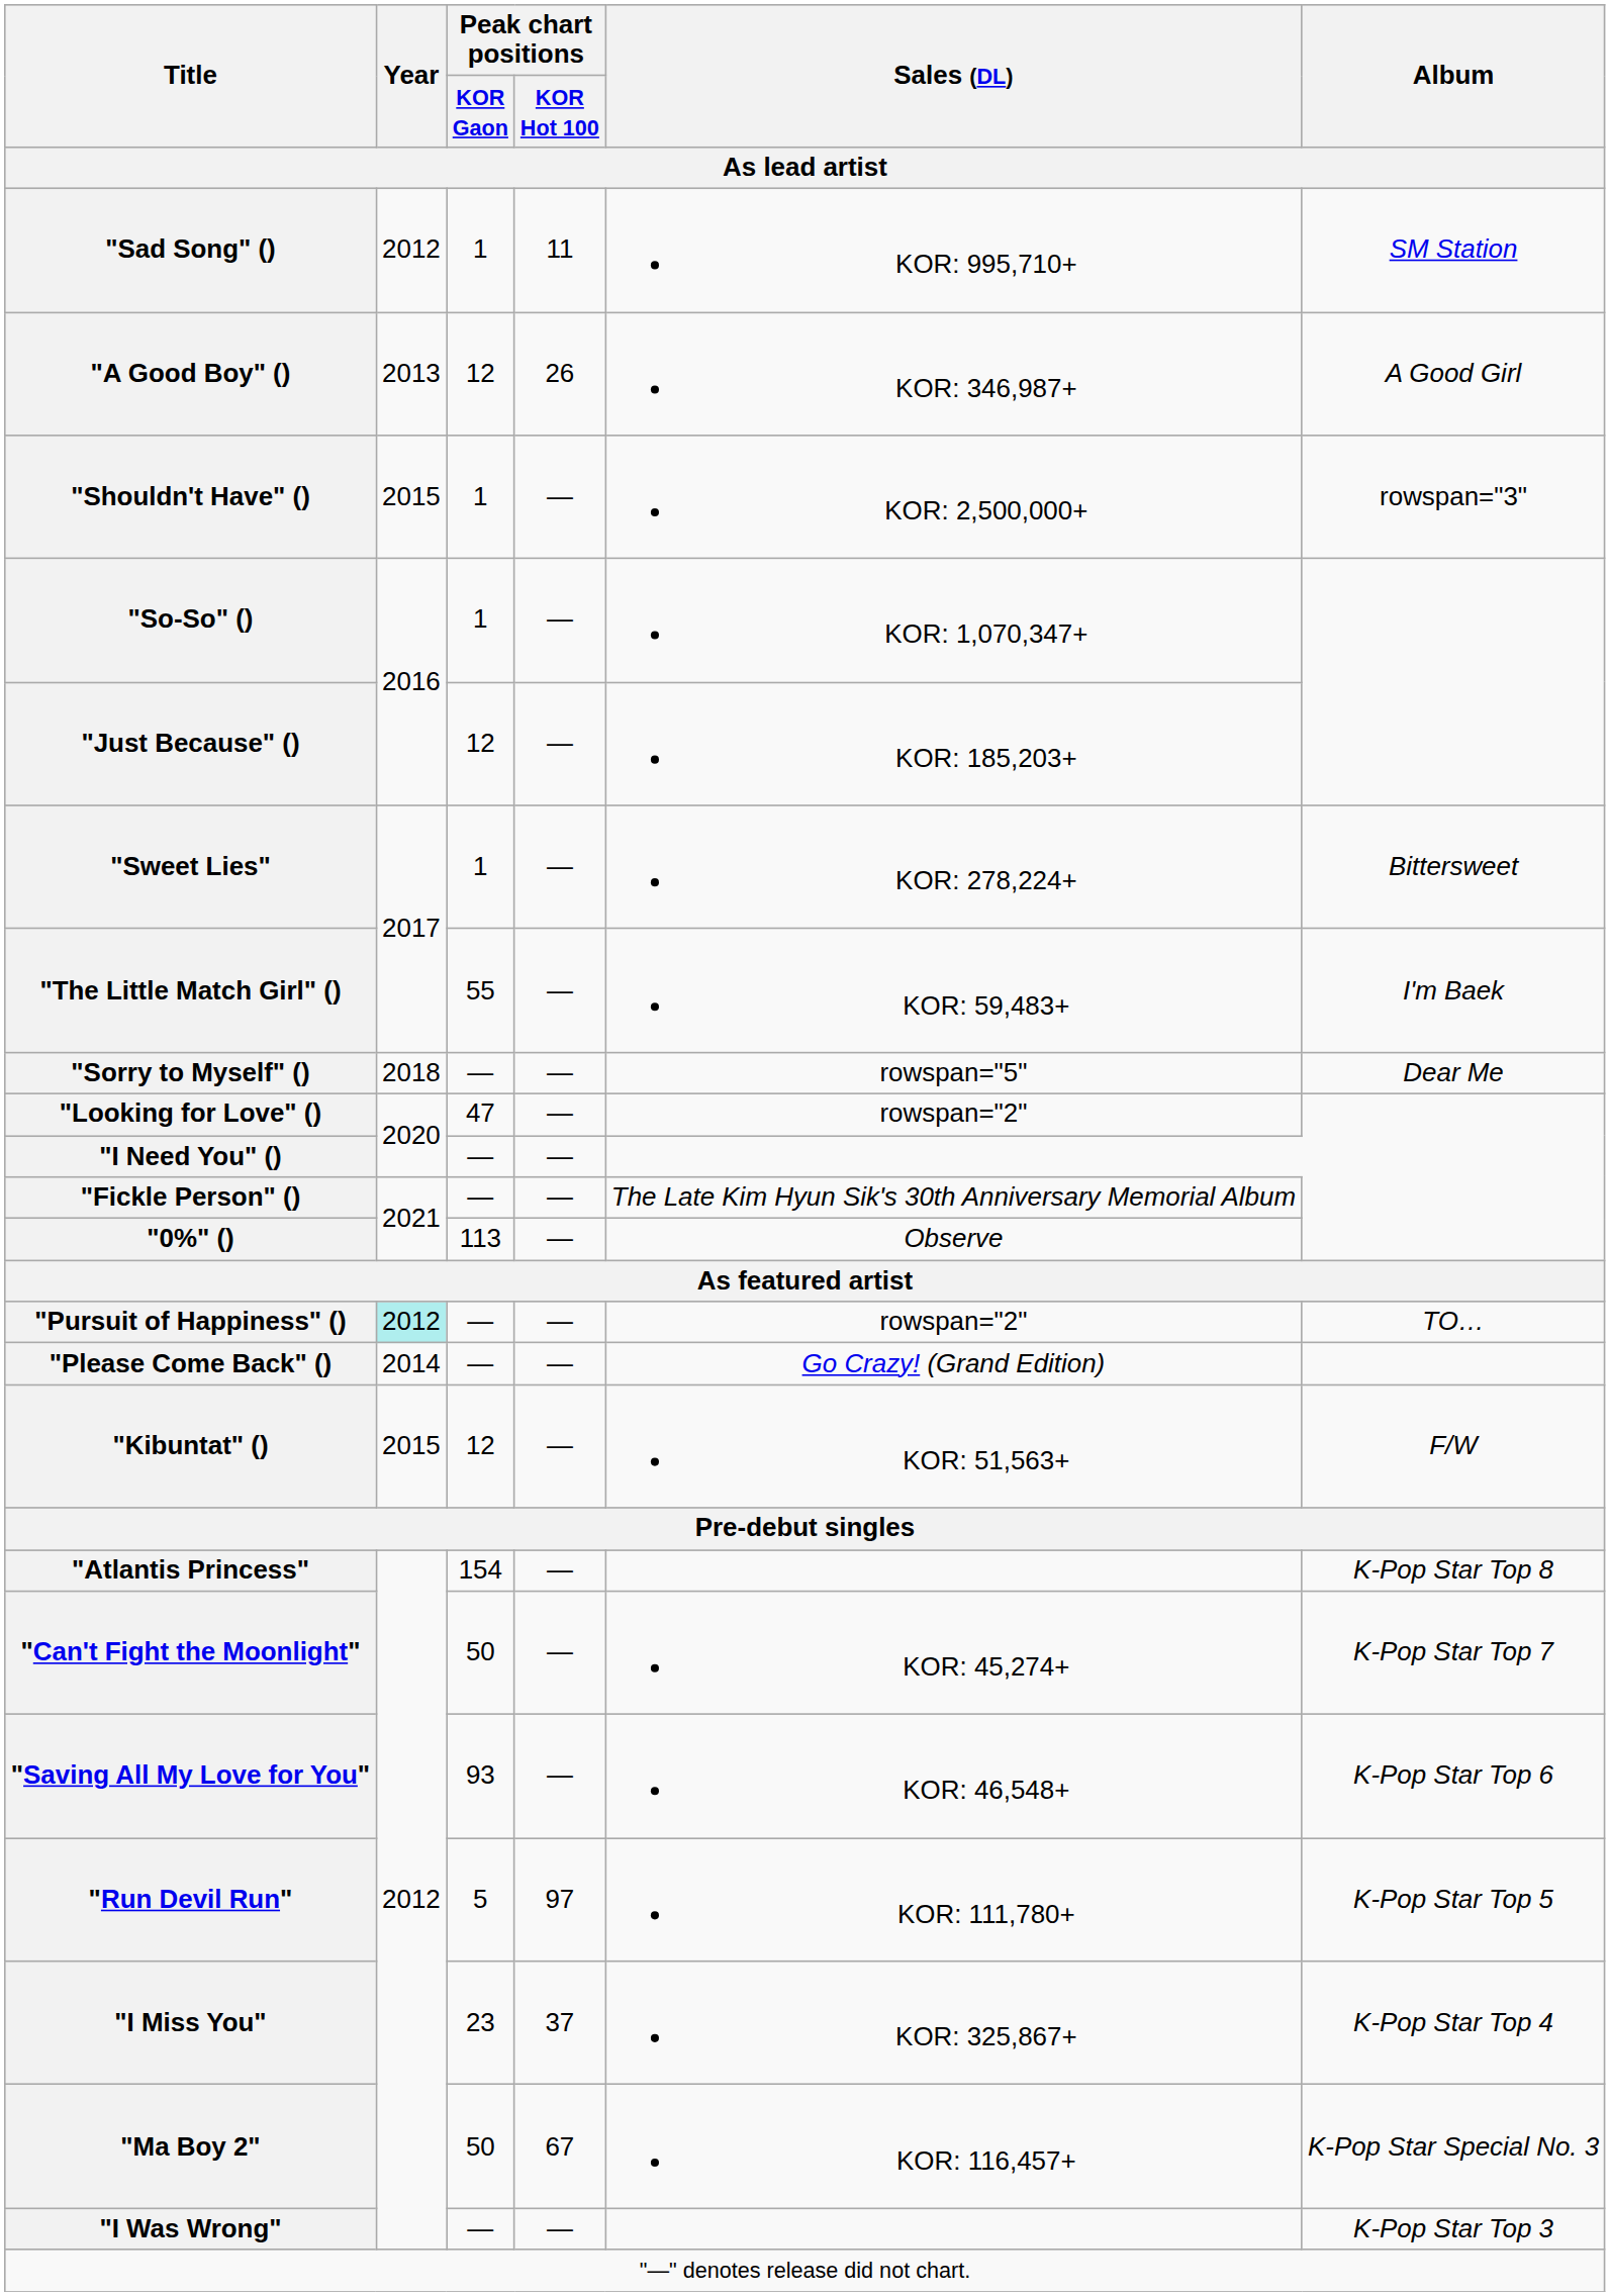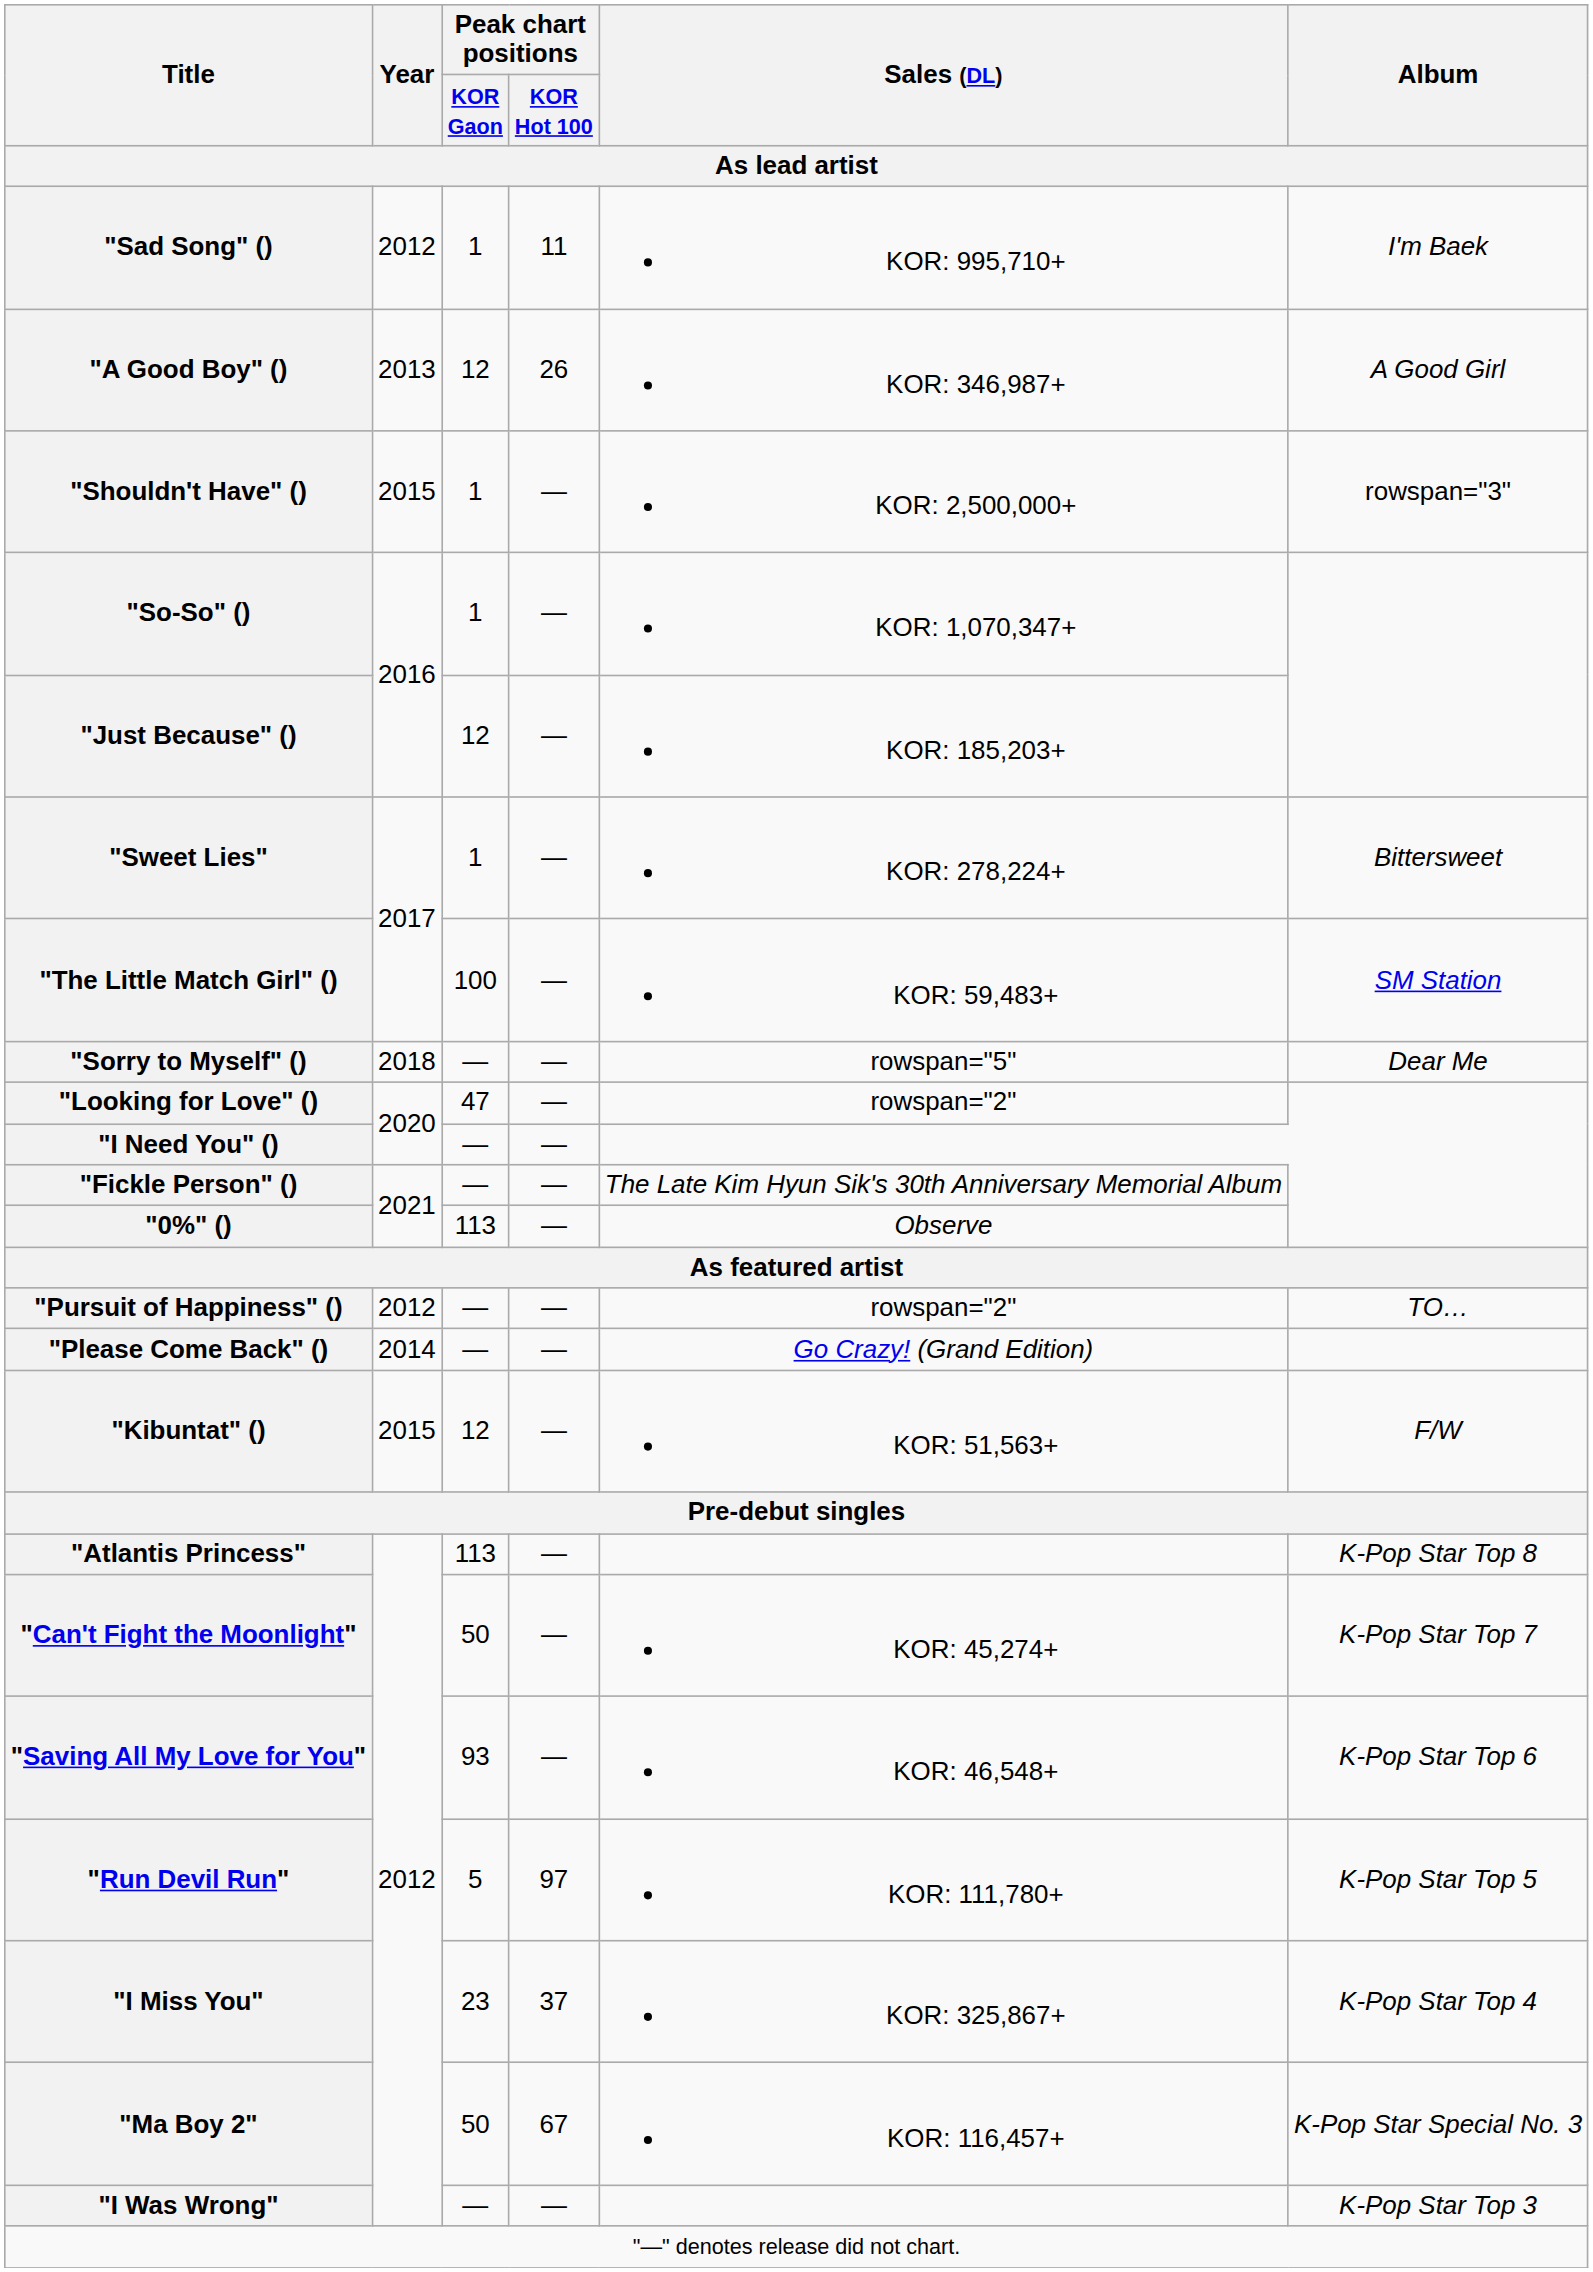 <table class="wikitable plainrowheaders" style="text-align:center;">
 <tr>
 <th scope="col" rowspan="2">Title</th>
 <th scope="col" rowspan="2">Year</th>
 <th scope="col" colspan="2" style="width:5em;">Peak chart positions</th>
 <th scope="col" rowspan="2">Sales <small>(<a href='#'>DL</a>)</small></th>
 <th scope="col" rowspan="2">Album</th>
 </tr>
 <tr>
 <th><small><a href='#'>KOR<br>Gaon</a></small><br></th>
 <th><small><a href='#'>KOR<br>Hot 100</a></small><br></th>
 </tr>
 <tr>
 <th colspan="6">As lead artist</th>
 </tr>
 <tr>
 <th scope="row">"Sad Song" ()</th>
 <td>2012</td>
 <td>1</td>
 <td>11</td>
 <td><br><ul><li>KOR: 995,710+</li></ul></td>
-<td><em><a href='#'>SM Station</a></em></td>
+<td><em>I'm Baek</em></td>
 </tr>
 <tr>
 <th scope="row">"A Good Boy" ()</th>
 <td>2013</td>
 <td>12</td>
 <td>26</td>
 <td><br><ul><li>KOR: 346,987+</li></ul></td>
 <td><em>A Good Girl</em></td>
 </tr>
 <tr>
 <th scope="row">"Shouldn't Have" ()<br></th>
 <td>2015</td>
 <td>1</td>
 <td>—</td>
 <td><br><ul><li>KOR: 2,500,000+</li></ul></td>
 <td>rowspan="3" </td>
 </tr>
 <tr>
 <th scope="row">"So-So" ()</th>
 <td rowspan="2">2016</td>
 <td>1</td>
 <td>—</td>
 <td><br><ul><li>KOR: 1,070,347+</li></ul></td>
 </tr>
 <tr>
 <th scope="row">"Just Because" ()<br></th>
 <td>12</td>
 <td>—</td>
 <td><br><ul><li>KOR: 185,203+</li></ul></td>
 </tr>
 <tr>
 <th scope="row">"Sweet Lies"<br></th>
 <td rowspan="2">2017</td>
 <td>1</td>
 <td>—</td>
 <td><br><ul><li>KOR: 278,224+</li></ul></td>
 <td><em>Bittersweet</em></td>
 </tr>
 <tr>
 <th scope="row">"The Little Match Girl" ()<br></th>
-<td>55</td>
+<td>100</td>
 <td>—</td>
 <td><br><ul><li>KOR: 59,483+</li></ul></td>
-<td><em>I'm Baek</em></td>
+<td><em><a href='#'>SM Station</a></em></td>
 </tr>
 <tr>
 <th scope="row">"Sorry to Myself" ()</th>
 <td>2018</td>
 <td>—</td>
 <td>—</td>
 <td>rowspan="5" </td>
 <td><em>Dear Me</em></td>
 </tr>
 <tr>
 <th scope="row">"Looking for Love" ()</th>
 <td rowspan="2">2020</td>
 <td>47</td>
 <td>—</td>
 <td>rowspan="2" </td>
 </tr>
 <tr>
 <th scope="row">"I Need You" ()</th>
 <td>—</td>
 <td>—</td>
 </tr>
 <tr>
 <th scope="row">"Fickle Person" ()</th>
 <td rowspan="2">2021</td>
 <td>—</td>
 <td>—</td>
 <td><em>The Late Kim Hyun Sik's 30th Anniversary Memorial Album</em></td>
 </tr>
 <tr>
 <th scope="row">"0%" ()</th>
 <td>113</td>
 <td>—</td>
 <td><em>Observe</em></td>
 </tr>
 <tr>
 <th colspan="6">As featured artist</th>
 </tr>
 <tr>
 <th scope="row">"Pursuit of Happiness" ()<br></th>
-<td style="background: paleturquoise;">2012</td>
+<td>2012</td>
 <td>—</td>
 <td>—</td>
 <td>rowspan="2" </td>
 <td><em>TO…</em></td>
 </tr>
 <tr>
 <th scope="row">"Please Come Back" ()<br></th>
 <td>2014</td>
 <td>—</td>
 <td>—</td>
 <td><em><a href='#'>Go Crazy!</a> (Grand Edition)</em></td>
 </tr>
 <tr>
 <th scope="row">"Kibuntat" ()<br></th>
 <td>2015</td>
 <td>12</td>
 <td>—</td>
 <td><br><ul><li>KOR: 51,563+</li></ul></td>
 <td><em>F/W</em></td>
 </tr>
 <tr>
 <th colspan="6">Pre-debut singles</th>
 </tr>
 <tr>
 <th scope="row">"Atlantis Princess"<br></th>
 <td rowspan="7">2012</td>
-<td>154</td>
+<td>113</td>
 <td>—</td>
 <td></td>
 <td><em>K-Pop Star Top 8</em></td>
 </tr>
 <tr>
 <th scope="row">"<a href='#'>Can't Fight the Moonlight</a>"<br></th>
 <td>50</td>
 <td>—</td>
 <td><br><ul><li>KOR: 45,274+</li></ul></td>
 <td><em>K-Pop Star Top 7</em></td>
 </tr>
 <tr>
 <th scope="row">"<a href='#'>Saving All My Love for You</a>"<br></th>
 <td>93</td>
 <td>—</td>
 <td><br><ul><li>KOR: 46,548+</li></ul></td>
 <td><em>K-Pop Star Top 6</em></td>
 </tr>
 <tr>
 <th scope="row">"<a href='#'>Run Devil Run</a>"<br></th>
 <td>5</td>
 <td>97</td>
 <td><br><ul><li>KOR: 111,780+</li></ul></td>
 <td><em>K-Pop Star Top 5</em></td>
 </tr>
 <tr>
 <th scope="row">"I Miss You"<br></th>
 <td>23</td>
 <td>37</td>
 <td><br><ul><li>KOR: 325,867+</li></ul></td>
 <td><em>K-Pop Star Top 4</em></td>
 </tr>
 <tr>
 <th scope="row">"Ma Boy 2"<br></th>
 <td>50</td>
 <td>67</td>
 <td><br><ul><li>KOR: 116,457+</li></ul></td>
 <td><em>K-Pop Star Special No. 3</em></td>
 </tr>
 <tr>
 <th scope="row">"I Was Wrong"<br></th>
 <td>—</td>
 <td>—</td>
 <td></td>
 <td><em>K-Pop Star Top 3</em></td>
 </tr>
 <tr>
 <td colspan="6"><small>"—" denotes release did not chart.</small></td>
 </tr>
 </table>
